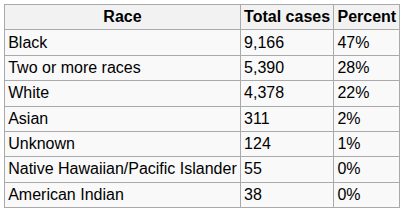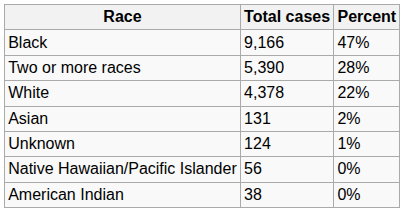 <table class="wikitable" style="display: inline-table;">
 <tr>
 <th>Race</th>
 <th>Total cases</th>
 <th>Percent</th>
 </tr>
 <tr>
 <td>Black</td>
 <td>9,166</td>
 <td>47%</td>
 </tr>
 <tr>
 <td>Two or more races</td>
 <td>5,390</td>
 <td>28%</td>
 </tr>
 <tr>
 <td>White</td>
 <td>4,378</td>
 <td>22%</td>
 </tr>
 <tr>
 <td>Asian</td>
-<td>311</td>
+<td>131</td>
 <td>2%</td>
 </tr>
 <tr>
 <td>Unknown</td>
 <td>124</td>
 <td>1%</td>
 </tr>
 <tr>
 <td>Native Hawaiian/Pacific Islander</td>
-<td>55</td>
+<td>56</td>
 <td>0%</td>
 </tr>
 <tr>
 <td>American Indian</td>
 <td>38</td>
 <td>0%</td>
 </tr>
 </table>
